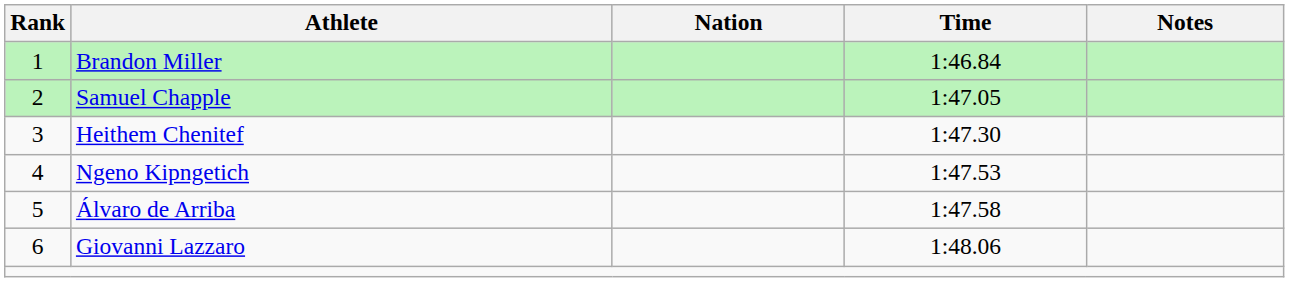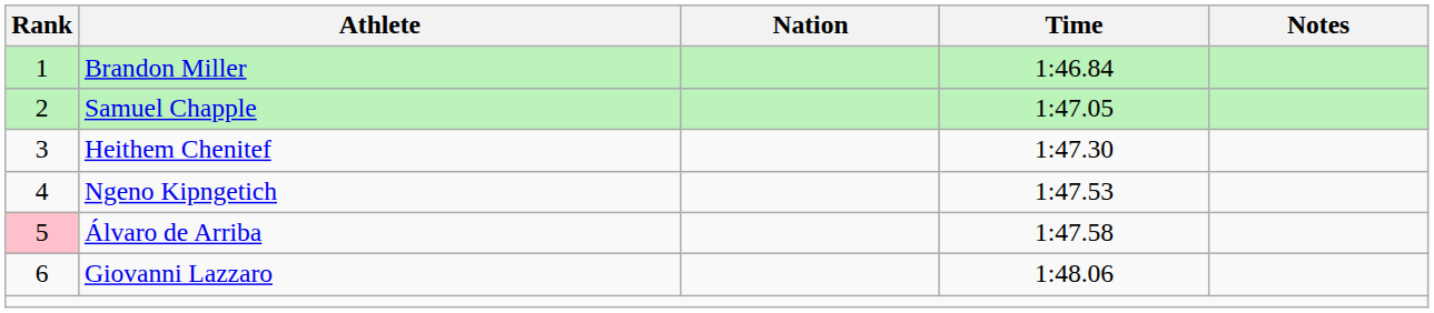 <table class="wikitable sortable" style="text-align:center;width: 55%;">
 <tr>
 <th scope="col" style="width: 10px;">Rank</th>
 <th scope="col">Athlete</th>
 <th scope="col">Nation</th>
 <th scope="col">Time</th>
 <th scope="col">Notes</th>
 </tr>
 <tr bgcolor=bbf3bb>
 <td>1</td>
 <td align=left><a href='#'>Brandon Miller</a></td>
 <td align=left></td>
 <td>1:46.84</td>
 <td></td>
 </tr>
 <tr bgcolor=bbf3bb>
 <td>2</td>
 <td align=left><a href='#'>Samuel Chapple</a></td>
 <td align=left></td>
 <td>1:47.05</td>
 <td></td>
 </tr>
 <tr>
 <td>3</td>
 <td align=left><a href='#'>Heithem Chenitef</a></td>
 <td align=left></td>
 <td>1:47.30</td>
 <td></td>
 </tr>
 <tr>
 <td>4</td>
 <td align=left><a href='#'>Ngeno Kipngetich</a></td>
 <td align=left></td>
 <td>1:47.53</td>
 <td></td>
 </tr>
 <tr>
-<td>5</td>
+<td style="background: pink;">5</td>
 <td align=left><a href='#'>Álvaro de Arriba</a></td>
 <td align=left></td>
 <td>1:47.58</td>
 <td></td>
 </tr>
 <tr>
 <td>6</td>
 <td align=left><a href='#'>Giovanni Lazzaro</a></td>
 <td align=left></td>
 <td>1:48.06</td>
 <td></td>
 </tr>
 <tr class="sortbottom">
 <td colspan="5"></td>
 </tr>
 </table>
